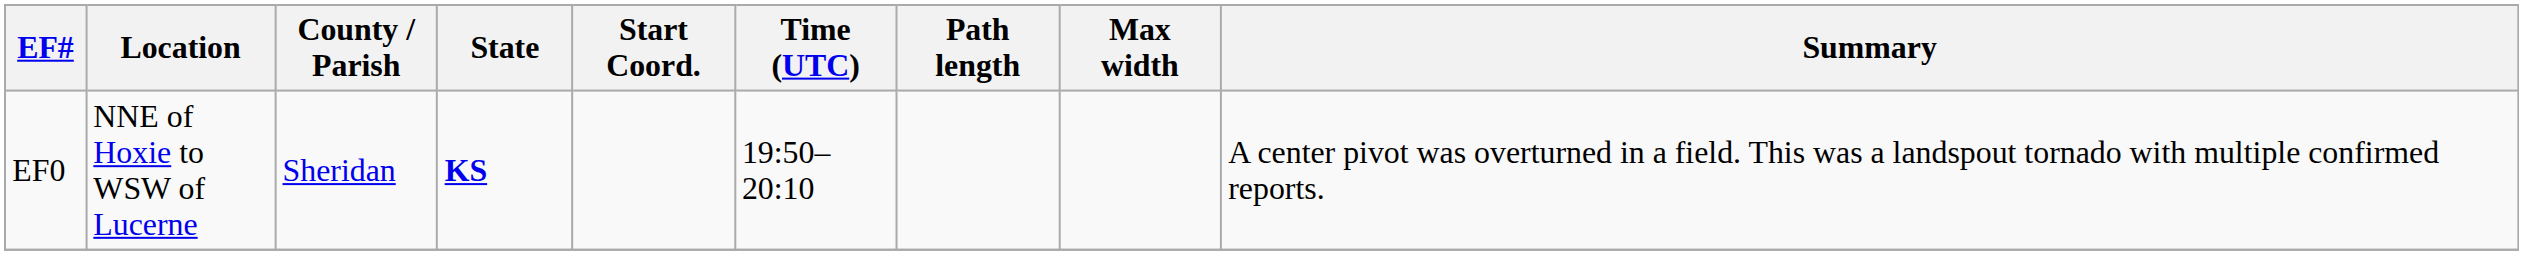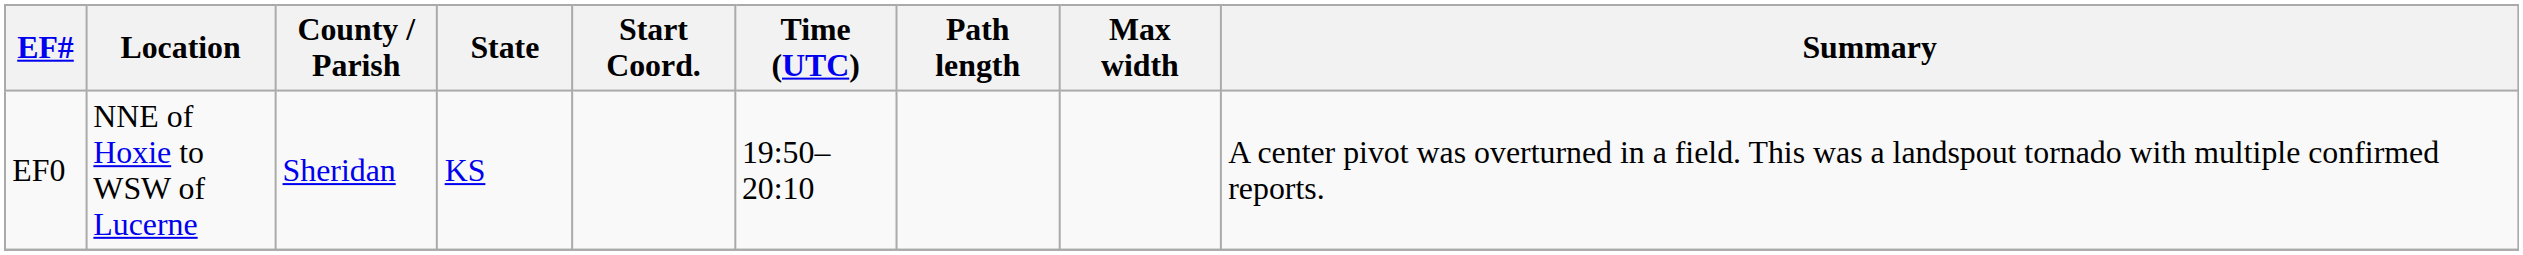 <table class="wikitable sortable" style="width:100%;">
 <tr>
 <th scope="col"  style="width:3%; text-align:center;"><a href='#'>EF#</a></th>
 <th scope="col"  style="width:7%; text-align:center;" class="unsortable">Location</th>
 <th scope="col"  style="width:6%; text-align:center;" class="unsortable">County / Parish</th>
 <th scope="col"  style="width:5%; text-align:center;">State</th>
 <th scope="col"  style="width:6%; text-align:center;">Start Coord.</th>
 <th scope="col"  style="width:6%; text-align:center;">Time (<a href='#'>UTC</a>)</th>
 <th scope="col"  style="width:6%; text-align:center;">Path length</th>
 <th scope="col"  style="width:6%; text-align:center;">Max width</th>
 <th scope="col" class="unsortable" style="width:48%; text-align:center;">Summary</th>
 </tr>
 <tr>
 <td>EF0</td>
 <td>NNE of <a href='#'>Hoxie</a> to WSW of <a href='#'>Lucerne</a></td>
 <td><a href='#'>Sheridan</a></td>
-<td><strong><a href='#'>KS</a></strong></td>
+<td><a href='#'>KS</a></td>
 <td></td>
 <td>19:50–20:10</td>
 <td></td>
 <td></td>
 <td>A center pivot was overturned in a field. This was a landspout tornado with multiple confirmed reports.</td>
 </tr>
 <tr>
 </tr>
 </table>
